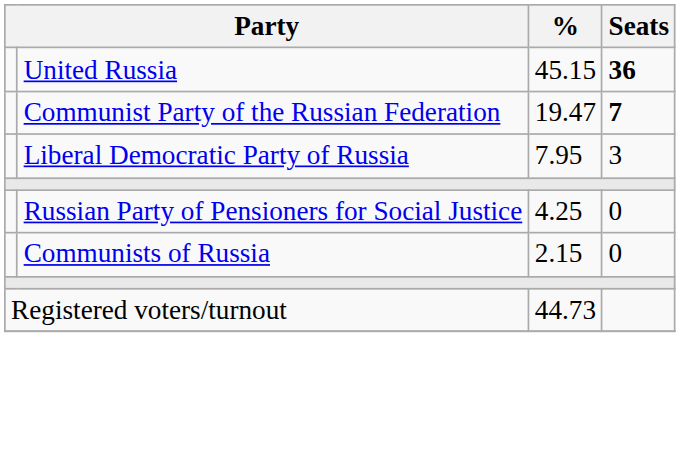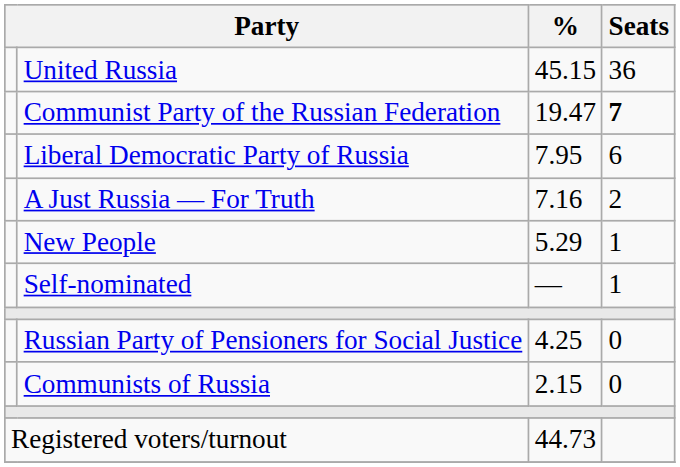 <table class="wikitable">
 <tr>
 <th colspan=2>Party</th>
 <th>%</th>
 <th>Seats</th>
 </tr>
 <tr>
 <td style="background:"></td>
 <td><a href='#'>United Russia</a></td>
 <td>45.15</td>
-<td><strong>36</strong></td>
+<td>36</td>
 </tr>
 <tr>
 <td style="background:"></td>
 <td><a href='#'>Communist Party of the Russian Federation</a></td>
 <td>19.47</td>
 <td><strong>7</strong></td>
 </tr>
 <tr>
 <td style="background:"></td>
 <td><a href='#'>Liberal Democratic Party of Russia</a></td>
 <td>7.95</td>
-<td>3</td>
+<td>6</td>
+</tr>
+<tr>
+<td style="background:"></td>
+<td><a href='#'>A Just Russia — For Truth</a></td>
+<td>7.16</td>
+<td>2</td>
+</tr>
+<tr>
+<td style="background:"></td>
+<td><a href='#'>New People</a></td>
+<td>5.29</td>
+<td>1</td>
+</tr>
+<tr>
+<td style="background:"></td>
+<td><a href='#'>Self-nominated</a></td>
+<td>—</td>
+<td>1</td>
 </tr>
 <tr>
 <td colspan=4 style="background:#E9E9E9;"></td>
 </tr>
 <tr>
 <td style="background:"></td>
 <td><a href='#'>Russian Party of Pensioners for Social Justice</a></td>
 <td>4.25</td>
 <td>0</td>
 </tr>
 <tr>
 <td style="background:"></td>
 <td><a href='#'>Communists of Russia</a></td>
 <td>2.15</td>
 <td>0</td>
 </tr>
 <tr>
 <td colspan=4 style="background:#E9E9E9;"></td>
 </tr>
 <tr>
 <td align=left colspan=2>Registered voters/turnout</td>
 <td>44.73</td>
 <td></td>
 </tr>
 <tr>
 </tr>
 </table>
